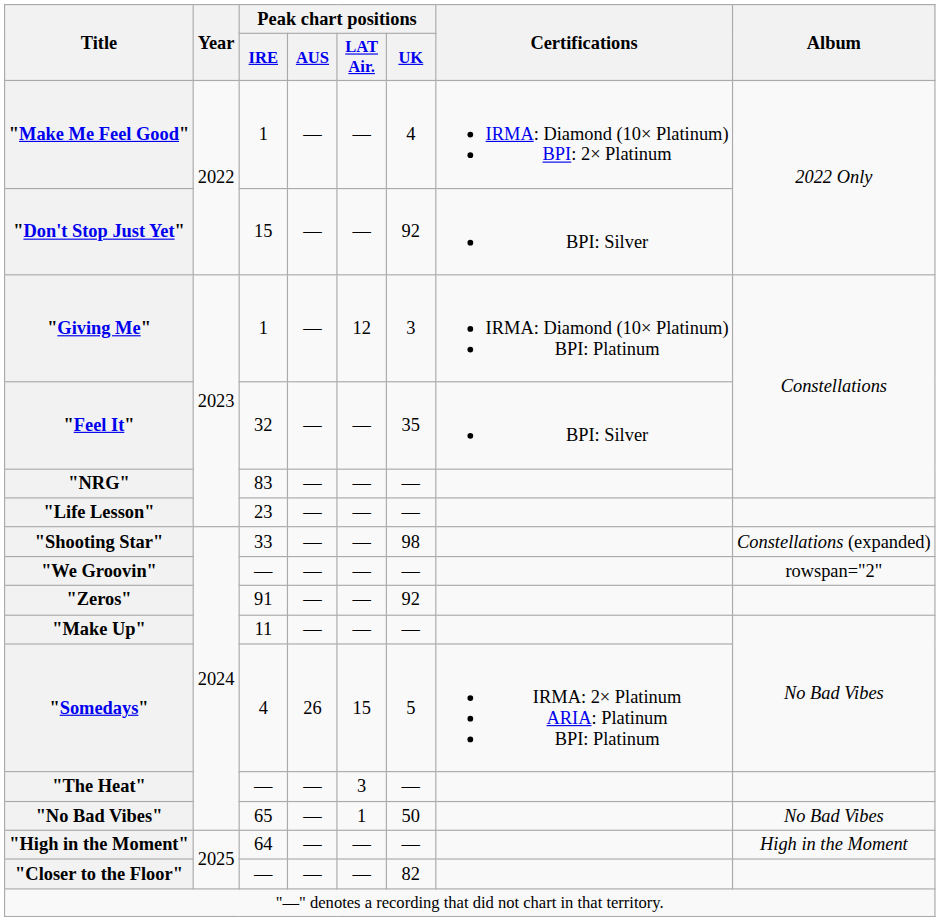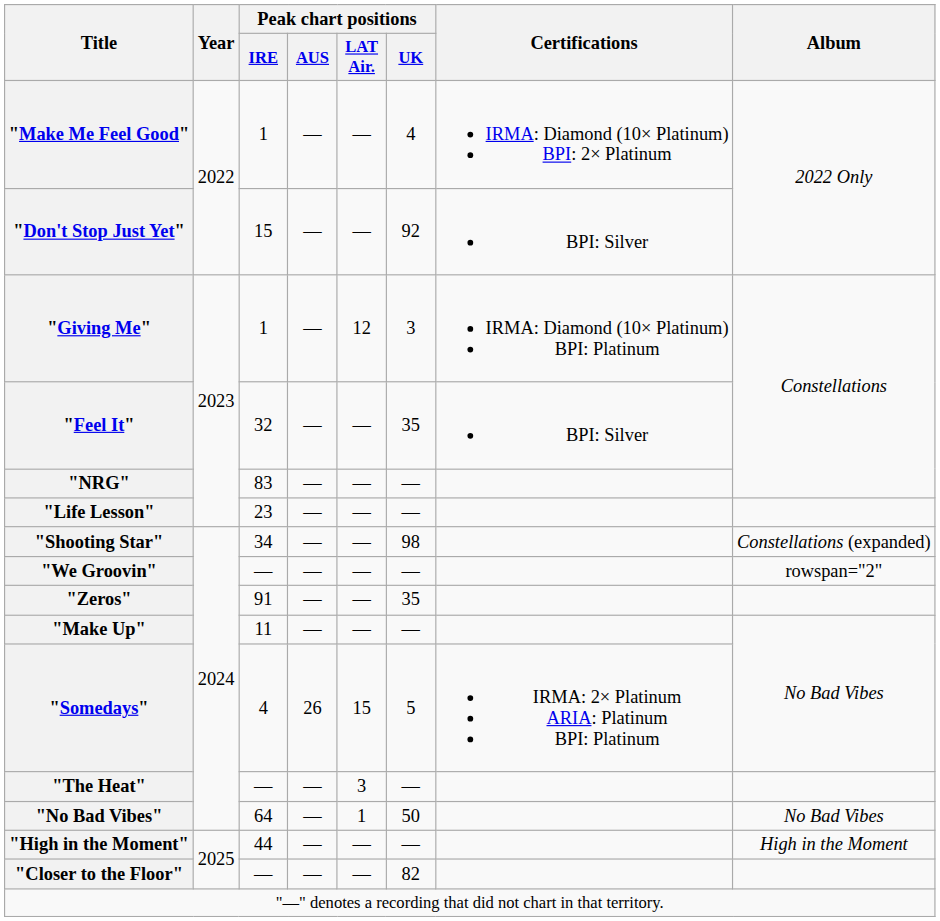 <table class="wikitable plainrowheaders" style="text-align:center;">
 <tr>
 <th scope="col" rowspan="2">Title</th>
 <th scope="col" rowspan="2">Year</th>
 <th scope="col" colspan="4">Peak chart positions</th>
 <th scope="col" rowspan="2">Certifications</th>
 <th scope="col" rowspan="2">Album</th>
 </tr>
 <tr>
 <th scope="col" style="width:2.5em;font-size:90%;"><a href='#'>IRE</a><br></th>
 <th scope="col" style="width:2.5em;font-size:90%;"><a href='#'>AUS</a><br></th>
 <th scope="col" style="width:2.5em;font-size:90%;"><a href='#'>LAT<br>Air.</a><br></th>
 <th scope="col" style="width:2.5em;font-size:90%;"><a href='#'>UK</a><br></th>
 </tr>
 <tr>
 <th scope="row">"<a href='#'>Make Me Feel Good</a>"<br></th>
 <td rowspan="2">2022</td>
 <td>1</td>
 <td>—</td>
 <td>—</td>
 <td>4</td>
 <td><br><ul><li><a href='#'>IRMA</a>: Diamond (10× Platinum)</li><li><a href='#'>BPI</a>: 2× Platinum</li></ul></td>
 <td rowspan="2"><em>2022 Only</em></td>
 </tr>
 <tr>
 <th scope="row">"<a href='#'>Don't Stop Just Yet</a>"<br></th>
 <td>15</td>
 <td>—</td>
 <td>—</td>
 <td>92</td>
 <td><br><ul><li>BPI: Silver</li></ul></td>
 </tr>
 <tr>
 <th scope="row">"<a href='#'>Giving Me</a>"</th>
 <td rowspan="4">2023</td>
 <td>1</td>
 <td>—</td>
 <td>12</td>
 <td>3</td>
 <td><br><ul><li>IRMA: Diamond (10× Platinum)</li><li>BPI: Platinum</li></ul></td>
 <td rowspan="3"><em>Constellations</em></td>
 </tr>
 <tr>
 <th scope="row">"<a href='#'>Feel It</a>"</th>
 <td>32</td>
 <td>—</td>
 <td>—</td>
 <td>35</td>
 <td><br><ul><li>BPI: Silver</li></ul></td>
 </tr>
 <tr>
 <th scope="row">"NRG"</th>
 <td>83</td>
 <td>—</td>
 <td>—</td>
 <td>—</td>
 <td></td>
 </tr>
 <tr>
 <th scope="row">"Life Lesson"<br></th>
 <td>23</td>
 <td>—</td>
 <td>—</td>
 <td>—</td>
 <td></td>
 <td></td>
 </tr>
 <tr>
 <th scope="row">"Shooting Star"</th>
 <td rowspan="7">2024</td>
-<td>33</td>
+<td>34</td>
 <td>—</td>
 <td>—</td>
 <td>98</td>
 <td></td>
 <td><em>Constellations</em> (expanded)</td>
 </tr>
 <tr>
 <th scope="row">"We Groovin"<br></th>
 <td>—</td>
 <td>—</td>
 <td>—</td>
 <td>—</td>
 <td></td>
 <td>rowspan="2" </td>
 </tr>
 <tr>
 <th scope="row">"Zeros"<br></th>
 <td>91</td>
 <td>—</td>
 <td>—</td>
-<td>92</td>
+<td>35</td>
 <td></td>
 </tr>
 <tr>
 <th scope="row">"Make Up"</th>
 <td>11</td>
 <td>—</td>
 <td>—</td>
 <td>—</td>
 <td></td>
 <td rowspan="2"><em>No Bad Vibes</em></td>
 </tr>
 <tr>
 <th scope="row">"<a href='#'>Somedays</a>"<br></th>
 <td>4</td>
 <td>26</td>
 <td>15</td>
 <td>5</td>
 <td><br><ul><li>IRMA: 2× Platinum</li><li><a href='#'>ARIA</a>: Platinum</li><li>BPI: Platinum</li></ul></td>
 </tr>
 <tr>
 <th scope="row">"The Heat"<br></th>
 <td>—</td>
 <td>—</td>
 <td>3</td>
 <td>—</td>
 <td></td>
 <td></td>
 </tr>
 <tr>
 <th scope="row">"No Bad Vibes"<br></th>
-<td>65</td>
+<td>64</td>
 <td>—</td>
 <td>1</td>
 <td>50</td>
 <td></td>
 <td><em>No Bad Vibes</em></td>
 </tr>
 <tr>
 <th scope="row">"High in the Moment"<br></th>
 <td rowspan="2">2025</td>
-<td>64</td>
+<td>44</td>
 <td>—</td>
 <td>—</td>
 <td>—</td>
 <td></td>
 <td><em>High in the Moment</em></td>
 </tr>
 <tr>
 <th scope="row">"Closer to the Floor"<br></th>
 <td>—</td>
 <td>—</td>
 <td>—</td>
 <td>82</td>
 <td></td>
 <td></td>
 </tr>
 <tr>
 <td colspan="8" style="font-size:90%">"—" denotes a recording that did not chart in that territory.</td>
 </tr>
 </table>
